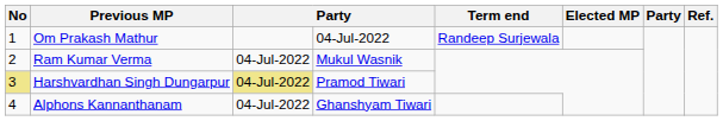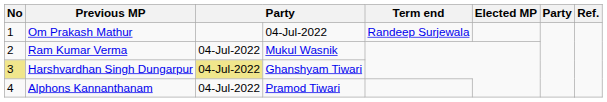 <table class="wikitable sortable">
 <tr>
 <th>No</th>
 <th>Previous MP</th>
 <th colspan="2">Party</th>
 <th>Term end</th>
 <th>Elected MP</th>
 <th colspan="2">Party</th>
 <th>Ref.</th>
 </tr>
 <tr>
 <td>1</td>
 <td><a href='#'>Om Prakash Mathur</a></td>
 <td></td>
 <td>04-Jul-2022</td>
 <td><a href='#'>Randeep Surjewala</a></td>
 <td></td>
 <td rowspan="4"></td>
 </tr>
 <tr>
 <td>2</td>
 <td><a href='#'>Ram Kumar Verma</a></td>
 <td>04-Jul-2022</td>
 <td><a href='#'>Mukul Wasnik</a></td>
 </tr>
 <tr>
 <td style="background: khaki;">3</td>
 <td><a href='#'>Harshvardhan Singh Dungarpur</a></td>
 <td style="background: khaki;">04-Jul-2022</td>
-<td><a href='#'>Pramod Tiwari</a></td>
+<td><a href='#'>Ghanshyam Tiwari</a></td>
 </tr>
 <tr>
 <td>4</td>
 <td><a href='#'>Alphons Kannanthanam</a></td>
 <td>04-Jul-2022</td>
-<td><a href='#'>Ghanshyam Tiwari</a></td>
+<td><a href='#'>Pramod Tiwari</a></td>
 <td></td>
 </tr>
 </table>
